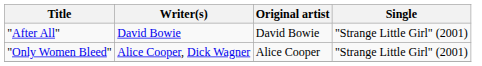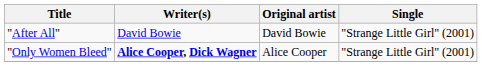 <table class="wikitable">
 <tr>
 <th>Title</th>
 <th>Writer(s)</th>
 <th>Original artist</th>
 <th>Single</th>
 </tr>
 <tr>
 <td>"<a href='#'>After All</a>"</td>
 <td><a href='#'>David Bowie</a></td>
 <td>David Bowie</td>
 <td>"Strange Little Girl" (2001)</td>
 </tr>
 <tr>
 <td>"<a href='#'>Only Women Bleed</a>"</td>
-<td><a href='#'>Alice Cooper</a>, <a href='#'>Dick Wagner</a></td>
+<td><strong><a href='#'>Alice Cooper</a>, <a href='#'>Dick Wagner</a></strong></td>
 <td>Alice Cooper</td>
 <td>"Strange Little Girl" (2001)</td>
 </tr>
 <tr>
 </tr>
 </table>
